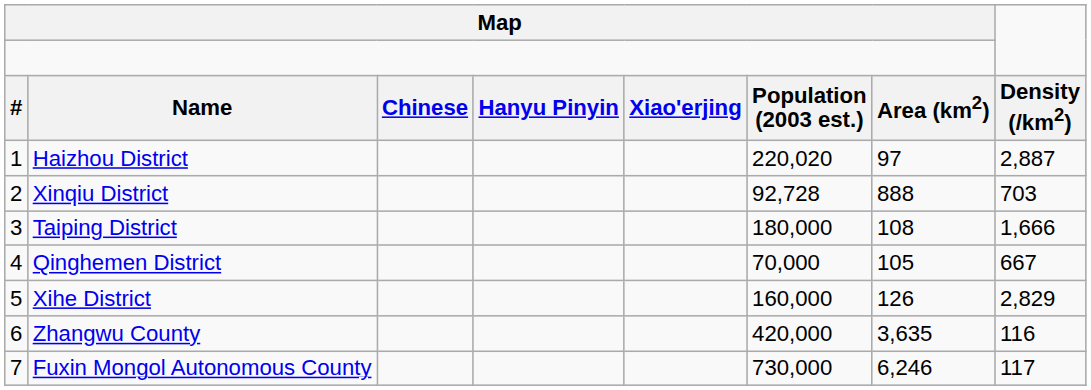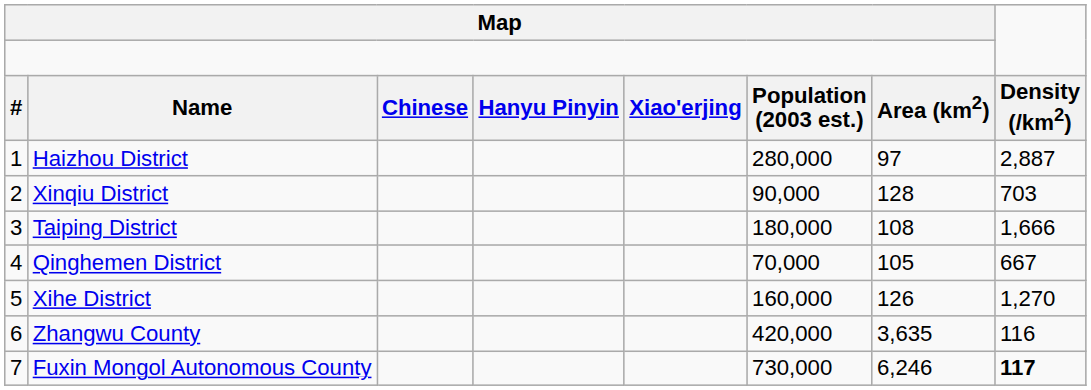 <table class="wikitable"  style="font-size:90%;" align=center>
 <tr>
 <th colspan="7" align="center">Map</th>
 </tr>
 <tr>
 <td colspan="7" align="center"><div><br>          </div></td>
 </tr>
 <tr>
 <th>#</th>
 <th>Name</th>
 <th><a href='#'>Chinese</a></th>
 <th><a href='#'>Hanyu Pinyin</a></th>
 <th><a href='#'>Xiao'erjing</a></th>
 <th>Population<br>(2003 est.)</th>
 <th>Area (km<sup>2</sup>)</th>
 <th>Density<br>(/km<sup>2</sup>)</th>
 </tr>
 <tr --------->
 <td>1</td>
 <td><a href='#'>Haizhou District</a></td>
 <td></td>
 <td></td>
 <td></td>
-<td>220,020</td>
+<td>280,000</td>
 <td>97</td>
 <td>2,887</td>
 </tr>
 <tr --------->
 <td>2</td>
 <td><a href='#'>Xinqiu District</a></td>
 <td></td>
 <td></td>
 <td></td>
-<td>92,728</td>
-<td>888</td>
+<td>90,000</td>
+<td>128</td>
 <td>703</td>
 </tr>
 <tr --------->
 <td>3</td>
 <td><a href='#'>Taiping District</a></td>
 <td></td>
 <td></td>
 <td></td>
 <td>180,000</td>
 <td>108</td>
 <td>1,666</td>
 </tr>
 <tr --------->
 <td>4</td>
 <td><a href='#'>Qinghemen District</a></td>
 <td></td>
 <td></td>
 <td></td>
 <td>70,000</td>
 <td>105</td>
 <td>667</td>
 </tr>
 <tr --------->
 <td>5</td>
 <td><a href='#'>Xihe District</a></td>
 <td></td>
 <td></td>
 <td></td>
 <td>160,000</td>
 <td>126</td>
-<td>2,829</td>
+<td>1,270</td>
 </tr>
 <tr --------->
 <td>6</td>
 <td><a href='#'>Zhangwu County</a></td>
 <td></td>
 <td></td>
 <td></td>
 <td>420,000</td>
 <td>3,635</td>
 <td>116</td>
 </tr>
 <tr --------->
 <td>7</td>
 <td><a href='#'>Fuxin Mongol Autonomous County</a></td>
 <td></td>
 <td></td>
 <td></td>
 <td>730,000</td>
 <td>6,246</td>
-<td>117</td>
+<td><strong>117</strong></td>
 </tr>
 </table>
